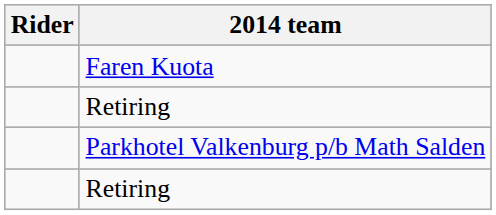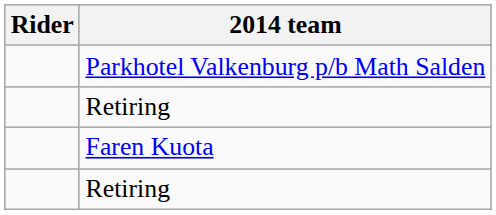 <table class="wikitable">
 <tr>
 <th>Rider</th>
 <th>2014 team</th>
+</tr>
+<tr>
+<td></td>
+<td><a href='#'>Parkhotel Valkenburg p/b Math Salden</a></td>
+</tr>
+<tr>
+<td></td>
+<td>Retiring</td>
 </tr>
 <tr>
 <td></td>
 <td><a href='#'>Faren Kuota</a></td>
 </tr>
 <tr>
 <td></td>
 <td>Retiring</td>
 </tr>
-<tr>
-<td></td>
-<td><a href='#'>Parkhotel Valkenburg p/b Math Salden</a></td>
-</tr>
-<tr>
-<td></td>
-<td>Retiring</td>
-</tr>
 </table>
